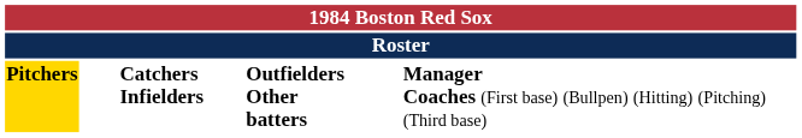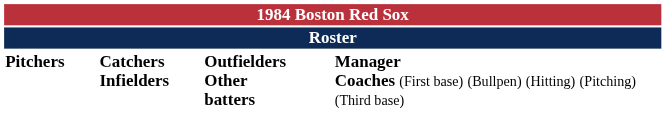 <table class="toccolours" style="text-align: left;">
 <tr>
 <th colspan="10" style="background-color: #ba313c; color: white; text-align: center;">1984 Boston Red Sox</th>
 </tr>
 <tr>
 <td colspan="10" style="background-color: #0d2b56; color: white; text-align: center;"><strong>Roster</strong></td>
 </tr>
 <tr>
-<td valign="top" style="background: gold;"><strong>Pitchers</strong><br>             </td>
+<td valign="top"><strong>Pitchers</strong><br>             </td>
 <td width="25px"></td>
 <td valign="top"><strong>Catchers</strong><br>    <strong>Infielders</strong>         </td>
 <td width="25px"></td>
 <td valign="top"><strong>Outfielders</strong><br>     <strong>Other batters</strong> </td>
 <td width="25px"></td>
 <td valign="top"><strong>Manager</strong><br> <strong>Coaches</strong>  <small>(First base)</small>  <small>(Bullpen)</small>  <small>(Hitting)</small>  <small>(Pitching)</small>  <small>(Third base)</small></td>
 </tr>
 <tr>
 </tr>
 </table>
